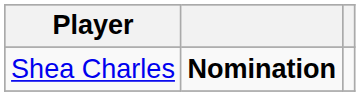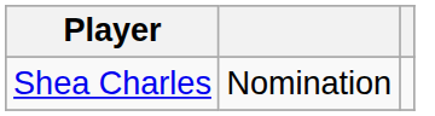 <table class="wikitable" style="text-align:left">
 <tr>
 <th>Player</th>
 <th></th>
 <th></th>
 </tr>
 <tr>
 <td> <a href='#'>Shea Charles</a></td>
-<td><strong>Nomination</strong></td>
+<td>Nomination</td>
 <td align="center"></td>
 </tr>
 </table>
